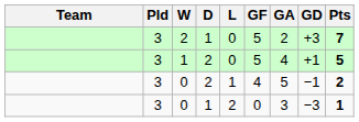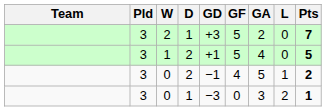 <table class="wikitable" style="text-align:center;">
 <tr>
 <th width=150>Team</th>
 <th width=20>Pld</th>
 <th width=20>W</th>
 <th width=20>D</th>
-<th width=20>L</th>
+<th width=20>GD</th>
 <th width=20>GF</th>
 <th width=20>GA</th>
-<th width=20>GD</th>
+<th width=20>L</th>
 <th width=20>Pts</th>
 </tr>
 <tr bgcolor="#ccffcc">
 <td align="left"></td>
 <td>3</td>
 <td>2</td>
 <td>1</td>
-<td>0</td>
+<td>+3</td>
 <td>5</td>
 <td>2</td>
-<td>+3</td>
+<td>0</td>
 <td><strong>7</strong></td>
 </tr>
 <tr bgcolor="#ccffcc">
 <td align="left"></td>
 <td>3</td>
 <td>1</td>
 <td>2</td>
-<td>0</td>
+<td>+1</td>
 <td>5</td>
 <td>4</td>
-<td>+1</td>
+<td>0</td>
 <td><strong>5</strong></td>
 </tr>
 <tr>
 <td align="left"></td>
 <td>3</td>
 <td>0</td>
 <td>2</td>
-<td>1</td>
+<td>−1</td>
 <td>4</td>
 <td>5</td>
-<td>−1</td>
+<td>1</td>
 <td><strong>2</strong></td>
 </tr>
 <tr>
 <td align="left"></td>
 <td>3</td>
 <td>0</td>
 <td>1</td>
-<td>2</td>
+<td>−3</td>
 <td>0</td>
 <td>3</td>
-<td>−3</td>
+<td>2</td>
 <td><strong>1</strong></td>
 </tr>
 </table>
